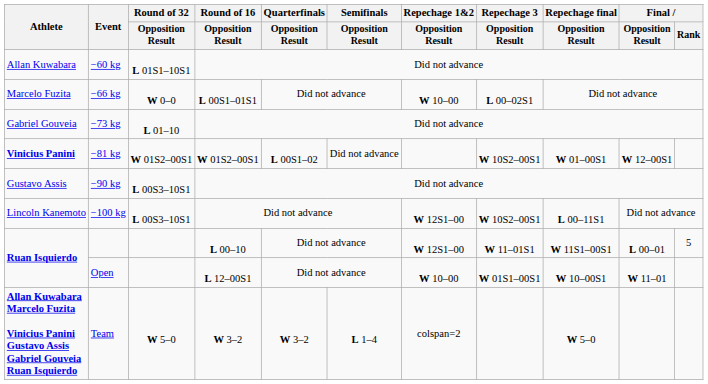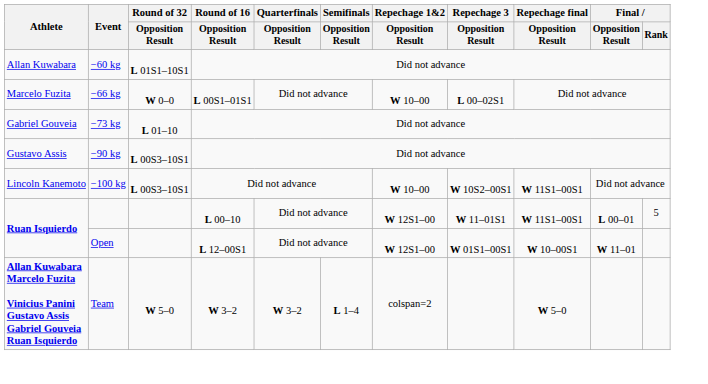 <table class="wikitable" style="font-size:90%">
 <tr>
 <th rowspan="2">Athlete</th>
 <th rowspan="2">Event</th>
 <th>Round of 32</th>
 <th>Round of 16</th>
 <th>Quarterfinals</th>
 <th>Semifinals</th>
 <th>Repechage 1&2</th>
 <th>Repechage 3</th>
 <th>Repechage final</th>
 <th colspan=2>Final / </th>
 </tr>
 <tr style="font-size:95%">
 <th>Opposition<br>Result</th>
 <th>Opposition<br>Result</th>
 <th>Opposition<br>Result</th>
 <th>Opposition<br>Result</th>
 <th>Opposition<br>Result</th>
 <th>Opposition<br>Result</th>
 <th>Opposition<br>Result</th>
 <th>Opposition<br>Result</th>
 <th>Rank</th>
 </tr>
 <tr align=center>
 <td align=left><a href='#'>Allan Kuwabara</a></td>
 <td align=left><a href='#'>−60 kg</a></td>
 <td><br><strong>L</strong> 01S1–10S1</td>
 <td colspan=8>Did not advance</td>
 </tr>
 <tr align=center>
 <td align=left><a href='#'>Marcelo Fuzita</a></td>
 <td align=left><a href='#'>−66 kg</a></td>
 <td><br><strong>W</strong> 0–0</td>
 <td><br><strong>L</strong> 00S1–01S1</td>
 <td colspan=2>Did not advance</td>
 <td><br><strong>W</strong> 10–00</td>
 <td><br><strong>L</strong> 00–02S1</td>
 <td colspan=3>Did not advance</td>
 </tr>
 <tr align=center>
 <td align=left><a href='#'>Gabriel Gouveia</a></td>
 <td align=left><a href='#'>−73 kg</a></td>
 <td><br><strong>L</strong> 01–10</td>
 <td colspan=8>Did not advance</td>
 </tr>
 <tr align=center>
-<td align=left><strong><a href='#'>Vinicius Panini</a></strong></td>
-<td align=left><a href='#'>−81 kg</a></td>
-<td><br><strong>W</strong> 01S2–00S1</td>
-<td><br><strong>W</strong> 01S2–00S1</td>
-<td><br><strong>L</strong> 00S1–02</td>
-<td>Did not advance</td>
-<td></td>
-<td><br><strong>W</strong> 10S2–00S1</td>
-<td><br><strong>W</strong> 01–00S1</td>
-<td><br><strong>W</strong> 12–00S1</td>
-<td></td>
-</tr>
-<tr align=center>
 <td align=left><a href='#'>Gustavo Assis</a></td>
 <td align=left><a href='#'>−90 kg</a></td>
 <td><br><strong>L</strong> 00S3–10S1</td>
 <td colspan=8>Did not advance</td>
 </tr>
 <tr align=center>
 <td align=left><a href='#'>Lincoln Kanemoto</a></td>
 <td align=left><a href='#'>−100 kg</a></td>
 <td><br><strong>L</strong> 00S3–10S1</td>
 <td colspan=3>Did not advance</td>
-<td><br><strong>W</strong> 12S1–00</td>
+<td><br><strong>W</strong> 10–00</td>
 <td><br><strong>W</strong> 10S2–00S1</td>
-<td><br><strong>L</strong> 00–11S1</td>
+<td><br><strong>W</strong> 11S1–00S1</td>
 <td colspan=2>Did not advance</td>
 </tr>
 <tr align=center>
 <td align=left rowspan=2><strong><a href='#'>Ruan Isquierdo</a></strong></td>
 <td align=left></td>
 <td></td>
 <td><br><strong>L</strong> 00–10</td>
 <td colspan=2>Did not advance</td>
 <td><br><strong>W</strong> 12S1–00</td>
 <td><br><strong>W</strong> 11–01S1</td>
 <td><br><strong>W</strong> 11S1–00S1</td>
 <td><br><strong>L</strong> 00–01</td>
 <td>5</td>
 </tr>
 <tr align=center>
 <td align=left><a href='#'>Open</a></td>
 <td></td>
 <td><br><strong>L</strong> 12–00S1</td>
 <td colspan=2>Did not advance</td>
-<td><br><strong>W</strong> 10–00</td>
+<td><br><strong>W</strong> 12S1–00</td>
 <td><br><strong>W</strong> 01S1–00S1</td>
 <td><br><strong>W</strong> 10–00S1</td>
 <td><br><strong>W</strong> 11–01</td>
 <td></td>
 </tr>
 <tr align=center>
 <td align=left><strong><a href='#'>Allan Kuwabara</a><br><a href='#'>Marcelo Fuzita</a><br><br><a href='#'>Vinicius Panini</a><br><a href='#'>Gustavo Assis</a><br><a href='#'>Gabriel Gouveia</a><br><a href='#'>Ruan Isquierdo</a></strong></td>
 <td align=left><a href='#'>Team</a></td>
 <td><br><strong>W</strong> 5–0</td>
 <td><br><strong>W</strong> 3–2</td>
 <td><br><strong>W</strong> 3–2</td>
 <td><br><strong>L</strong> 1–4</td>
 <td>colspan=2 </td>
 <td></td>
 <td><br><strong>W</strong> 5–0</td>
 <td></td>
 </tr>
 </table>
